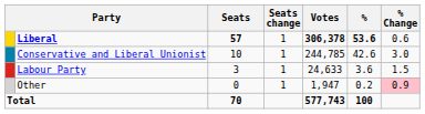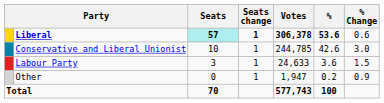 <table class="wikitable sortable">
 <tr>
 <th style="width:200px" colspan=3>Party</th>
 <th style="width:70px;">Seats</th>
 <th style="width:40px;">Seats change</th>
 <th style="width:40px;">Votes</th>
 <th style="width:40px;">%</th>
 <th style="width:40px;">% Change</th>
 </tr>
 <tr>
 <td style="background-color:#FFD700"> </td>
 <td colspan=2><strong><a href='#'>Liberal</a></strong></td>
-<td align=center><strong>57</strong></td>
-<td align=center> 1</td>
+<td align=center style="background: paleturquoise;"><strong>57</strong></td>
+<td align=center><strong> 1</strong></td>
 <td align=center><strong>306,378</strong></td>
 <td align=center><strong>53.6</strong></td>
 <td align=center> 0.6</td>
 </tr>
 <tr>
 <td style="background-color:#0281AA"> </td>
 <td colspan=2><a href='#'>Conservative and Liberal Unionist</a></td>
 <td align="center">10</td>
 <td align="center"> 1</td>
 <td align="center">244,785</td>
 <td align="center">42.6</td>
 <td align="center"> 3.0</td>
 </tr>
 <tr>
 <td style="background-color:#DC241f"> </td>
 <td colspan=2><a href='#'>Labour Party</a></td>
 <td align=center>3</td>
 <td align=center> 1</td>
 <td align=center>24,633</td>
 <td align=center>3.6</td>
 <td align=center> 1.5</td>
 </tr>
 <tr>
 <td style="background-color:#D3D3D3"> </td>
 <td colspan=2>Other</td>
 <td align="center">0</td>
 <td align="center"> 1</td>
 <td align="center">1,947</td>
 <td align="center">0.2</td>
-<td align="center" style="background: pink;"> 0.9</td>
+<td align="center"> 0.9</td>
 </tr>
 <tr>
 <td colspan=3><strong>Total</strong></td>
 <td align=center><strong>70</strong></td>
 <td align=center></td>
 <td align=center><strong>577,743</strong></td>
 <td align=center><strong>100</strong></td>
 <td align=center></td>
 </tr>
 </table>
